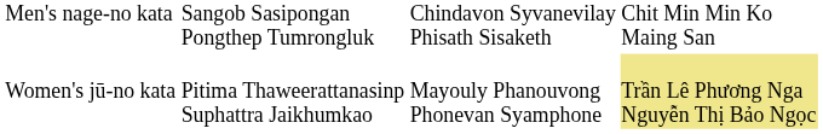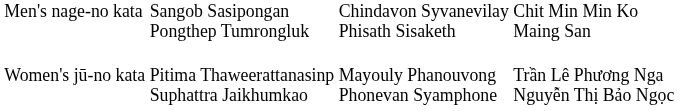 <table>
 <tr>
 <td>Men's nage-no kata</td>
 <td><br>Sangob Sasipongan<br>Pongthep Tumrongluk</td>
 <td nowrap><br>Chindavon Syvanevilay<br>Phisath Sisaketh</td>
 <td><br>Chit Min Min Ko<br>Maing San</td>
 </tr>
 <tr>
 <td>Women's jū-no kata</td>
 <td nowrap><br>Pitima Thaweerattanasinp<br>Suphattra Jaikhumkao</td>
 <td><br>Mayouly Phanouvong<br>Phonevan Syamphone</td>
-<td nowrap style="background: khaki;"><br>Trần Lê Phương Nga<br>Nguyễn Thị Bảo Ngọc</td>
+<td nowrap><br>Trần Lê Phương Nga<br>Nguyễn Thị Bảo Ngọc</td>
 </tr>
 </table>
